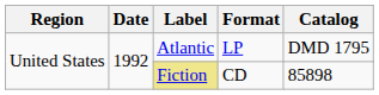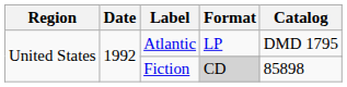 <table class="wikitable">
 <tr>
 <th>Region</th>
 <th>Date</th>
 <th>Label</th>
 <th>Format</th>
 <th>Catalog</th>
 </tr>
 <tr>
 <td rowspan="3">United States</td>
 <td rowspan="3">1992</td>
 <td rowspan="2"><a href='#'>Atlantic</a></td>
 <td rowspan="2"><a href='#'>LP</a></td>
 <td>DMD 1795</td>
 </tr>
 <tr>
 <td rowspan="2">85898</td>
 </tr>
 <tr>
-<td style="background: khaki;"><a href='#'>Fiction</a></td>
-<td>CD</td>
+<td><a href='#'>Fiction</a></td>
+<td style="background: lightgrey;">CD</td>
 </tr>
 </table>
